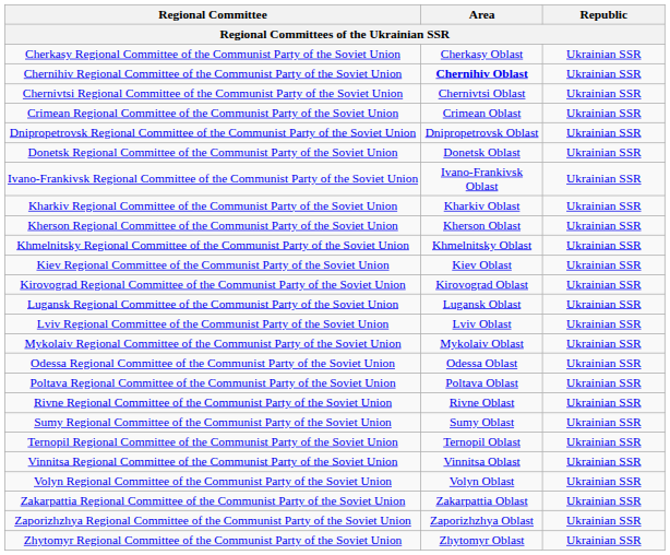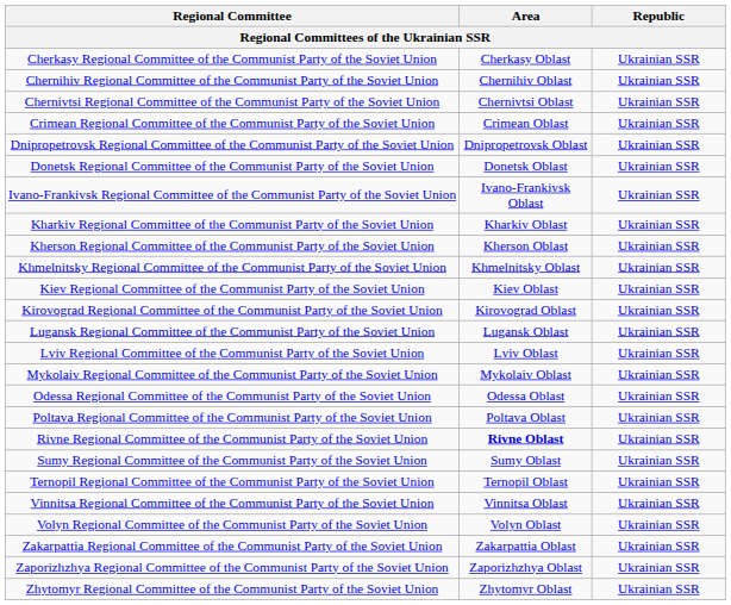 <table class="wikitable" style="text-align:center">
 <tr>
 <th>Regional Committee</th>
 <th width="150">Area</th>
 <th width="150">Republic</th>
 </tr>
 <tr>
 <th colspan="3"><strong>Regional Committees of the Ukrainian SSR</strong></th>
 </tr>
 <tr>
 <td><a href='#'>Cherkasy Regional Committee of the Communist Party of the Soviet Union</a></td>
 <td><a href='#'>Cherkasy Oblast</a></td>
 <td> <a href='#'>Ukrainian SSR</a></td>
 </tr>
 <tr>
 <td><a href='#'>Chernihiv Regional Committee of the Communist Party of the Soviet Union</a></td>
-<td><strong><a href='#'>Chernihiv Oblast</a></strong></td>
+<td><a href='#'>Chernihiv Oblast</a></td>
 <td> <a href='#'>Ukrainian SSR</a></td>
 </tr>
 <tr>
 <td><a href='#'>Chernivtsi Regional Committee of the Communist Party of the Soviet Union</a></td>
 <td><a href='#'>Chernivtsi Oblast</a></td>
 <td> <a href='#'>Ukrainian SSR</a></td>
 </tr>
 <tr>
 <td><a href='#'>Crimean Regional Committee of the Communist Party of the Soviet Union</a></td>
 <td><a href='#'>Crimean Oblast</a></td>
 <td> <a href='#'>Ukrainian SSR</a></td>
 </tr>
 <tr>
 <td><a href='#'>Dnipropetrovsk Regional Committee of the Communist Party of the Soviet Union</a></td>
 <td><a href='#'>Dnipropetrovsk Oblast</a></td>
 <td> <a href='#'>Ukrainian SSR</a></td>
 </tr>
 <tr>
 <td><a href='#'>Donetsk Regional Committee of the Communist Party of the Soviet Union</a></td>
 <td><a href='#'>Donetsk Oblast</a></td>
 <td> <a href='#'>Ukrainian SSR</a></td>
 </tr>
 <tr>
 <td><a href='#'>Ivano-Frankivsk Regional Committee of the Communist Party of the Soviet Union</a></td>
 <td><a href='#'>Ivano-Frankivsk Oblast</a></td>
 <td> <a href='#'>Ukrainian SSR</a></td>
 </tr>
 <tr>
 <td><a href='#'>Kharkiv Regional Committee of the Communist Party of the Soviet Union</a></td>
 <td><a href='#'>Kharkiv Oblast</a></td>
 <td> <a href='#'>Ukrainian SSR</a></td>
 </tr>
 <tr>
 <td><a href='#'>Kherson Regional Committee of the Communist Party of the Soviet Union</a></td>
 <td><a href='#'>Kherson Oblast</a></td>
 <td> <a href='#'>Ukrainian SSR</a></td>
 </tr>
 <tr>
 <td><a href='#'>Khmelnitsky Regional Committee of the Communist Party of the Soviet Union</a></td>
 <td><a href='#'>Khmelnitsky Oblast</a></td>
 <td> <a href='#'>Ukrainian SSR</a></td>
 </tr>
 <tr>
 <td><a href='#'>Kiev Regional Committee of the Communist Party of the Soviet Union</a></td>
 <td><a href='#'>Kiev Oblast</a></td>
 <td> <a href='#'>Ukrainian SSR</a></td>
 </tr>
 <tr>
 <td><a href='#'>Kirovograd Regional Committee of the Communist Party of the Soviet Union</a></td>
 <td><a href='#'>Kirovograd Oblast</a></td>
 <td> <a href='#'>Ukrainian SSR</a></td>
 </tr>
 <tr>
 <td><a href='#'>Lugansk Regional Committee of the Communist Party of the Soviet Union</a></td>
 <td><a href='#'>Lugansk Oblast</a></td>
 <td> <a href='#'>Ukrainian SSR</a></td>
 </tr>
 <tr>
 <td><a href='#'>Lviv Regional Committee of the Communist Party of the Soviet Union</a></td>
 <td><a href='#'>Lviv Oblast</a></td>
 <td> <a href='#'>Ukrainian SSR</a></td>
 </tr>
 <tr>
 <td><a href='#'>Mykolaiv Regional Committee of the Communist Party of the Soviet Union</a></td>
 <td><a href='#'>Mykolaiv Oblast</a></td>
 <td> <a href='#'>Ukrainian SSR</a></td>
 </tr>
 <tr>
 <td><a href='#'>Odessa Regional Committee of the Communist Party of the Soviet Union</a></td>
 <td><a href='#'>Odessa Oblast</a></td>
 <td> <a href='#'>Ukrainian SSR</a></td>
 </tr>
 <tr>
 <td><a href='#'>Poltava Regional Committee of the Communist Party of the Soviet Union</a></td>
 <td><a href='#'>Poltava Oblast</a></td>
 <td> <a href='#'>Ukrainian SSR</a></td>
 </tr>
 <tr>
 <td><a href='#'>Rivne Regional Committee of the Communist Party of the Soviet Union</a></td>
-<td><a href='#'>Rivne Oblast</a></td>
+<td><strong><a href='#'>Rivne Oblast</a></strong></td>
 <td> <a href='#'>Ukrainian SSR</a></td>
 </tr>
 <tr>
 <td><a href='#'>Sumy Regional Committee of the Communist Party of the Soviet Union</a></td>
 <td><a href='#'>Sumy Oblast</a></td>
 <td> <a href='#'>Ukrainian SSR</a></td>
 </tr>
 <tr>
 <td><a href='#'>Ternopil Regional Committee of the Communist Party of the Soviet Union</a></td>
 <td><a href='#'>Ternopil Oblast</a></td>
 <td> <a href='#'>Ukrainian SSR</a></td>
 </tr>
 <tr>
 <td><a href='#'>Vinnitsa Regional Committee of the Communist Party of the Soviet Union</a></td>
 <td><a href='#'>Vinnitsa Oblast</a></td>
 <td> <a href='#'>Ukrainian SSR</a></td>
 </tr>
 <tr>
 <td><a href='#'>Volyn Regional Committee of the Communist Party of the Soviet Union</a></td>
 <td><a href='#'>Volyn Oblast</a></td>
 <td> <a href='#'>Ukrainian SSR</a></td>
 </tr>
 <tr>
 <td><a href='#'>Zakarpattia Regional Committee of the Communist Party of the Soviet Union</a></td>
 <td><a href='#'>Zakarpattia Oblast</a></td>
 <td> <a href='#'>Ukrainian SSR</a></td>
 </tr>
 <tr>
 <td><a href='#'>Zaporizhzhya Regional Committee of the Communist Party of the Soviet Union</a></td>
 <td><a href='#'>Zaporizhzhya Oblast</a></td>
 <td> <a href='#'>Ukrainian SSR</a></td>
 </tr>
 <tr>
 <td><a href='#'>Zhytomyr Regional Committee of the Communist Party of the Soviet Union</a></td>
 <td><a href='#'>Zhytomyr Oblast</a></td>
 <td> <a href='#'>Ukrainian SSR</a></td>
 </tr>
 </table>
